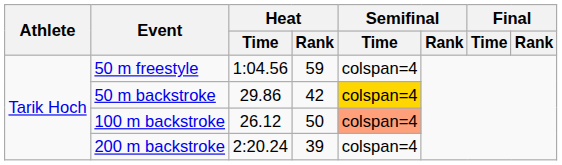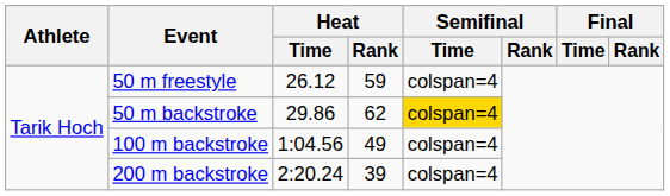 <table class=wikitable style="font-size:90%">
 <tr>
 <th rowspan="2">Athlete</th>
 <th rowspan="2">Event</th>
 <th colspan="2">Heat</th>
 <th colspan="2">Semifinal</th>
 <th colspan="2">Final</th>
 </tr>
 <tr style="font-size:95%">
 <th>Time</th>
 <th>Rank</th>
 <th>Time</th>
 <th>Rank</th>
 <th>Time</th>
 <th>Rank</th>
 </tr>
 <tr align=center>
 <td align=left rowspan=4><a href='#'>Tarik Hoch</a></td>
 <td align=left><a href='#'>50 m freestyle</a></td>
-<td>1:04.56</td>
+<td>26.12</td>
 <td>59</td>
 <td>colspan=4 </td>
 </tr>
 <tr align=center>
 <td align=left><a href='#'>50 m backstroke</a></td>
 <td>29.86</td>
-<td>42</td>
+<td>62</td>
 <td style="background: gold;">colspan=4 </td>
 </tr>
 <tr align=center>
 <td align=left><a href='#'>100 m backstroke</a></td>
-<td>26.12</td>
-<td>50</td>
-<td style="background: lightsalmon;">colspan=4 </td>
+<td>1:04.56</td>
+<td>49</td>
+<td>colspan=4 </td>
 </tr>
 <tr align=center>
 <td align=left><a href='#'>200 m backstroke</a></td>
 <td>2:20.24</td>
 <td>39</td>
 <td>colspan=4 </td>
 </tr>
 </table>
